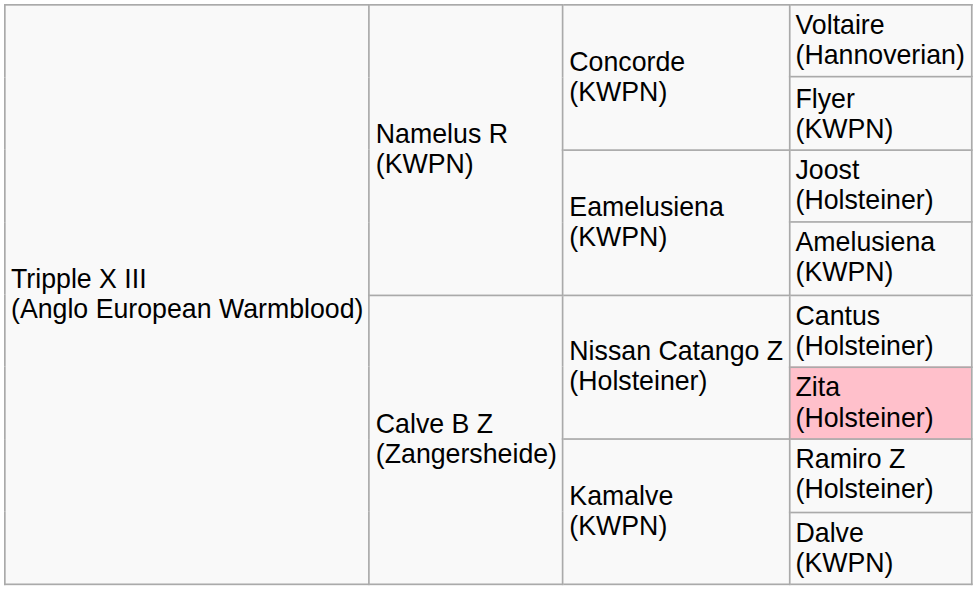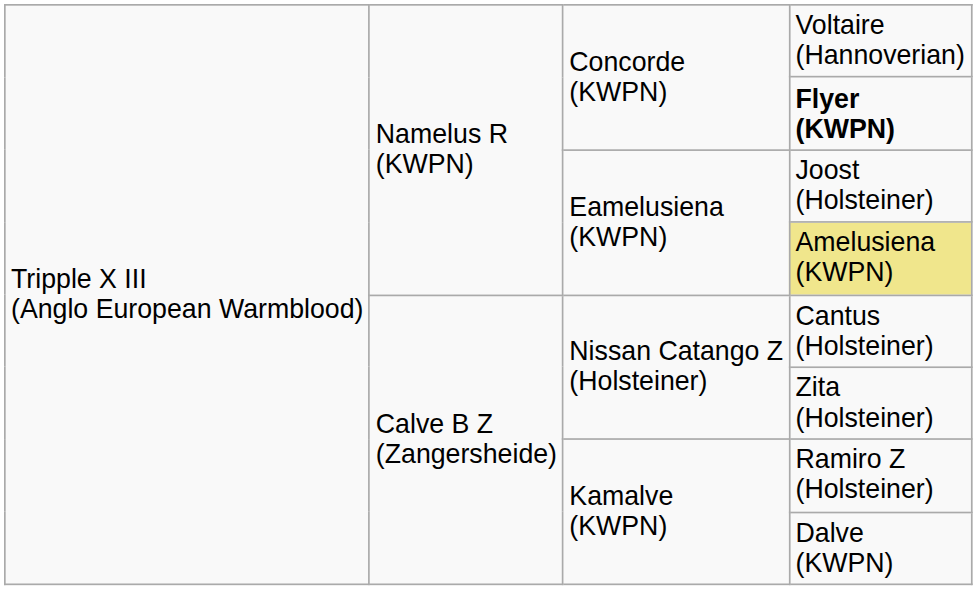 <table class="wikitable">
 <tr>
 <td rowspan="8">Tripple X III<br>(Anglo European Warmblood)</td>
 <td rowspan="4">Namelus R<br>(KWPN)</td>
 <td rowspan="2">Concorde<br>(KWPN)</td>
 <td>Voltaire<br>(Hannoverian)</td>
 </tr>
 <tr>
-<td>Flyer<br>(KWPN)</td>
+<td><strong>Flyer<br>(KWPN)</strong></td>
 </tr>
 <tr>
 <td rowspan="2">Eamelusiena<br>(KWPN)</td>
 <td>Joost<br>(Holsteiner)</td>
 </tr>
 <tr>
-<td>Amelusiena<br>(KWPN)</td>
+<td style="background: khaki;">Amelusiena<br>(KWPN)</td>
 </tr>
 <tr>
 <td rowspan="4">Calve B Z<br>(Zangersheide)</td>
 <td rowspan="2">Nissan Catango Z<br>(Holsteiner)</td>
 <td>Cantus<br>(Holsteiner)</td>
 </tr>
 <tr>
-<td style="background: pink;">Zita<br>(Holsteiner)</td>
+<td>Zita<br>(Holsteiner)</td>
 </tr>
 <tr>
 <td rowspan="2">Kamalve<br>(KWPN)</td>
 <td>Ramiro Z<br>(Holsteiner)</td>
 </tr>
 <tr>
 <td>Dalve<br>(KWPN)</td>
 </tr>
 </table>
